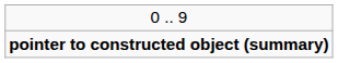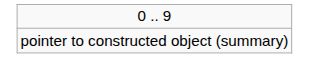 <table class="wikitable" style="margin:auto">
 <tr style="text-align: center">
 <td>0 .. 9</td>
 </tr>
 <tr>
-<td><strong>pointer to constructed object (summary)</strong></td>
+<td>pointer to constructed object (summary)</td>
 </tr>
 </table>
